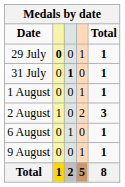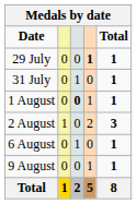 <table class="wikitable" style="font-size:85%">
 <tr bgcolor="#efefef">
 <th colspan=6>Medals by date</th>
 </tr>
 <tr align=center>
 <td><strong>Date</strong></td>
 <td bgcolor=#f7f6a8></td>
 <td bgcolor=#dce5e5></td>
 <td bgcolor=#ffdab9></td>
 <td><strong>Total</strong></td>
 </tr>
 <tr align=center>
 <td>29 July</td>
-<td style="background:#F7F6A8;"><strong>0</strong></td>
+<td style="background:#F7F6A8;">0</td>
 <td style="background:#DCE5E5;">0</td>
-<td style="background:#FFDAB9;">1</td>
+<td style="background:#FFDAB9;"><strong>1</strong></td>
 <td><strong>1</strong></td>
 </tr>
 <tr align=center>
 <td>31 July</td>
 <td style="background:#F7F6A8;">0</td>
-<td style="background:#DCE5E5;"><strong>1</strong></td>
+<td style="background:#DCE5E5;">1</td>
 <td style="background:#FFDAB9;">0</td>
 <td><strong>1</strong></td>
 </tr>
 <tr align=center>
 <td>1 August</td>
 <td style="background:#F7F6A8;">0</td>
-<td style="background:#DCE5E5;">0</td>
+<td style="background:#DCE5E5;"><strong>0</strong></td>
 <td style="background:#FFDAB9;">1</td>
 <td><strong>1</strong></td>
 </tr>
 <tr align=center>
 <td>2 August</td>
 <td style="background:#F7F6A8;">1</td>
 <td style="background:#DCE5E5;">0</td>
 <td style="background:#FFDAB9;">2</td>
 <td><strong>3</strong></td>
 </tr>
 <tr align=center>
 <td>6 August</td>
 <td style="background:#F7F6A8;">0</td>
 <td style="background:#DCE5E5;">1</td>
 <td style="background:#FFDAB9;">0</td>
 <td><strong>1</strong></td>
 </tr>
 <tr align=center>
 <td>9 August</td>
 <td style="background:#F7F6A8;">0</td>
 <td style="background:#DCE5E5;">0</td>
 <td style="background:#FFDAB9;">1</td>
 <td><strong>1</strong></td>
 </tr>
 <tr align=center>
 <th><strong>Total</strong></th>
 <th style="background:gold;"><strong>1</strong></th>
 <th style="background:silver;"><strong>2</strong></th>
 <th style="background:#c96;"><strong>5</strong></th>
 <th>8</th>
 </tr>
 </table>
